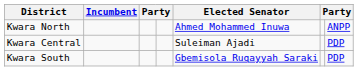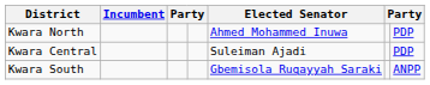 <table class="sortable wikitable" style="font-size:95%;line-height:14px;">
 <tr>
 <th class="unsortable">District</th>
 <th class="unsortable"><a href='#'>Incumbent</a></th>
 <th colspan="2">Party</th>
 <th class="unsortable">Elected Senator</th>
 <th colspan="2">Party</th>
 </tr>
 <tr>
 <td>Kwara North</td>
 <td></td>
 <td></td>
 <td></td>
 <td><a href='#'>Ahmed Mohammed Inuwa</a></td>
 <td style="background:"></td>
-<td><a href='#'>ANPP</a></td>
+<td><a href='#'>PDP</a></td>
 </tr>
 <tr>
 <td>Kwara Central</td>
 <td></td>
 <td></td>
 <td></td>
 <td>Suleiman Ajadi</td>
 <td style="background:"></td>
 <td><a href='#'>PDP</a></td>
 </tr>
 <tr>
 <td>Kwara South</td>
 <td></td>
 <td></td>
 <td></td>
 <td><a href='#'>Gbemisola Ruqayyah Saraki</a></td>
 <td style="background:"></td>
-<td><a href='#'>PDP</a></td>
+<td><a href='#'>ANPP</a></td>
 </tr>
 </table>
